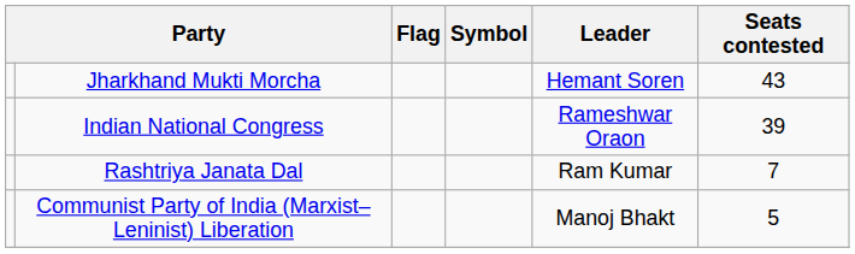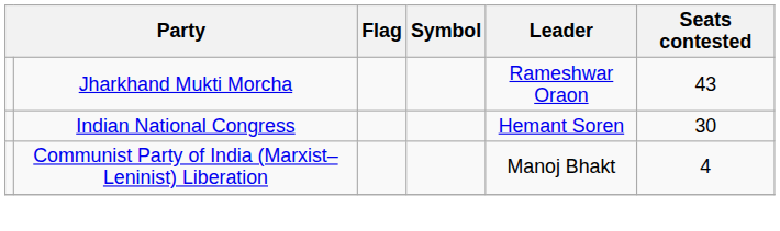 <table class="wikitable" width="50%" style="text-align:center;">
 <tr>
 <th colspan="2">Party</th>
 <th>Flag</th>
 <th>Symbol</th>
 <th>Leader</th>
 <th>Seats contested</th>
 </tr>
 <tr>
 <td></td>
 <td><a href='#'>Jharkhand Mukti Morcha</a></td>
 <td></td>
 <td></td>
-<td><a href='#'>Hemant Soren</a></td>
+<td><a href='#'>Rameshwar Oraon</a></td>
 <td>43</td>
 </tr>
 <tr>
 <td></td>
 <td><a href='#'>Indian National Congress</a></td>
 <td></td>
 <td></td>
-<td><a href='#'>Rameshwar Oraon</a></td>
-<td>39</td>
-</tr>
-<tr>
-<td></td>
-<td><a href='#'>Rashtriya Janata Dal</a></td>
-<td></td>
-<td></td>
-<td>Ram Kumar</td>
-<td>7</td>
+<td><a href='#'>Hemant Soren</a></td>
+<td>30</td>
 </tr>
 <tr>
 <td></td>
 <td><a href='#'>Communist Party of India (Marxist–Leninist) Liberation</a></td>
 <td></td>
 <td></td>
 <td>Manoj Bhakt</td>
-<td>5</td>
+<td>4</td>
 </tr>
 <tr>
 </tr>
 </table>
